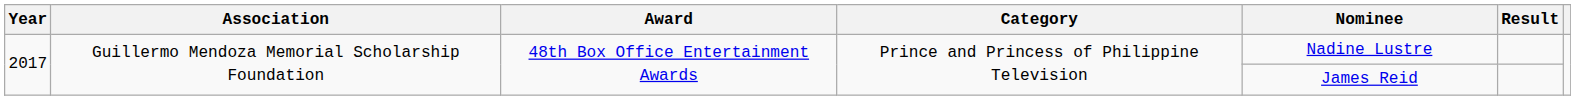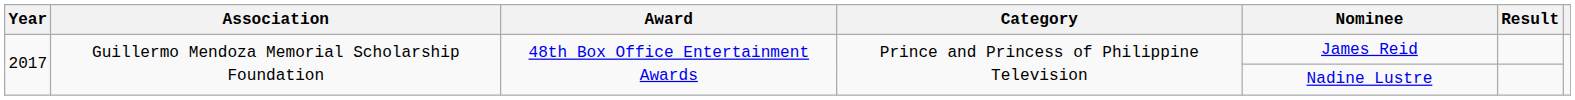 <table class="wikitable" style="text-align:center; font-size:100%; line-height:18px;" width="100%">
 <tr>
 <th>Year</th>
 <th>Association</th>
 <th>Award</th>
 <th>Category</th>
 <th width="200px">Nominee</th>
 <th>Result</th>
 <th></th>
 </tr>
 <tr>
 <td rowspan="2">2017</td>
 <td rowspan="2">Guillermo Mendoza Memorial Scholarship Foundation</td>
 <td rowspan="2"><a href='#'>48th Box Office Entertainment Awards</a></td>
 <td rowspan="2">Prince and Princess of Philippine Television</td>
-<td><a href='#'>Nadine Lustre</a></td>
+<td><a href='#'>James Reid</a></td>
 <td></td>
 <td rowspan="2"></td>
 </tr>
 <tr>
-<td><a href='#'>James Reid</a></td>
+<td><a href='#'>Nadine Lustre</a></td>
 <td></td>
 </tr>
 </table>
